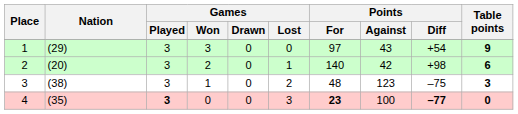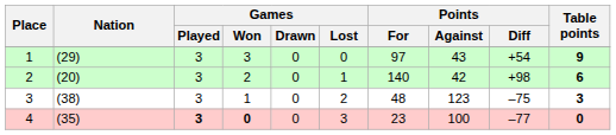 <table class="wikitable">
 <tr>
 <th rowspan=2 width="8%">Place</th>
 <th rowspan=2 width="20%">Nation</th>
 <th colspan=4 width="32%">Games</th>
 <th colspan=3 width="30%">Points</th>
 <th rowspan=2 width="10%">Table<br>points</th>
 </tr>
 <tr>
 <th width="8%">Played</th>
 <th width="8%">Won</th>
 <th width="8%">Drawn</th>
 <th width="8%">Lost</th>
 <th width="10%">For</th>
 <th width="10%">Against</th>
 <th width="10%">Diff</th>
 </tr>
 <tr>
 </tr>
 <tr bgcolor=ccffcc align=center>
 <td>1</td>
 <td align=left> (29)</td>
 <td>3</td>
 <td>3</td>
 <td>0</td>
 <td>0</td>
 <td>97</td>
 <td>43</td>
 <td>+54</td>
 <td><strong>9</strong></td>
 </tr>
 <tr bgcolor=ccffcc align=center>
 <td>2</td>
 <td align=left> (20)</td>
 <td>3</td>
 <td>2</td>
 <td>0</td>
 <td>1</td>
 <td>140</td>
 <td>42</td>
 <td>+98</td>
 <td><strong>6</strong></td>
 </tr>
 <tr bgcolor=#ffffff align=center>
 <td>3</td>
 <td align=left> (38)</td>
 <td>3</td>
 <td>1</td>
 <td>0</td>
 <td>2</td>
 <td>48</td>
 <td>123</td>
 <td>–75</td>
 <td><strong>3</strong></td>
 </tr>
 <tr bgcolor=#ffcccc align=center>
 <td>4</td>
 <td align=left> (35)</td>
 <td><strong>3</strong></td>
-<td>0</td>
+<td><strong>0</strong></td>
 <td>0</td>
 <td>3</td>
-<td><strong>23</strong></td>
+<td>23</td>
 <td>100</td>
-<td><strong>–77</strong></td>
+<td>–77</td>
 <td><strong>0</strong></td>
 </tr>
 </table>
